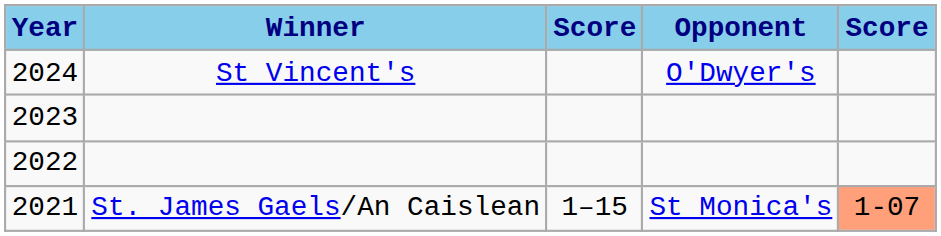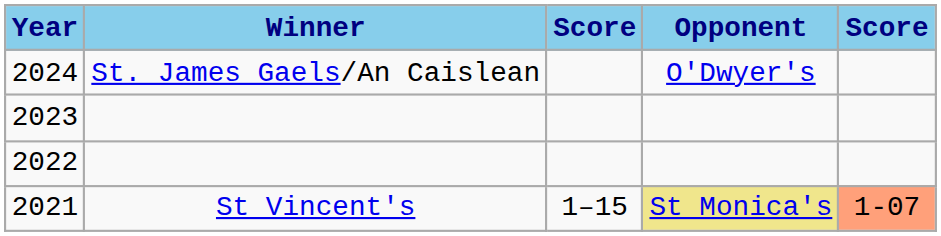 <table class="wikitable" style="text-align:center;">
 <tr>
 <th style="background:skyblue;color:navy;">Year</th>
 <th style="background:skyblue;color:navy;">Winner</th>
 <th style="background:skyblue;color:navy;">Score</th>
 <th style="background:skyblue;color:navy;">Opponent</th>
 <th style="background:skyblue;color:navy;">Score</th>
 </tr>
 <tr>
 <td>2024</td>
-<td><a href='#'>St Vincent's</a></td>
+<td><a href='#'>St. James Gaels</a>/An Caislean</td>
 <td></td>
 <td><a href='#'>O'Dwyer's</a></td>
 <td></td>
 </tr>
 <tr>
 <td>2023</td>
 <td></td>
 <td></td>
 <td></td>
 <td></td>
 </tr>
 <tr>
 <td>2022</td>
 <td></td>
 <td></td>
 <td></td>
 <td></td>
 </tr>
 <tr>
 <td>2021</td>
-<td><a href='#'>St. James Gaels</a>/An Caislean</td>
+<td><a href='#'>St Vincent's</a></td>
 <td>1–15</td>
-<td><a href='#'>St Monica's</a></td>
+<td style="background: khaki;"><a href='#'>St Monica's</a></td>
 <td style="background: lightsalmon;">1-07</td>
 </tr>
 </table>
